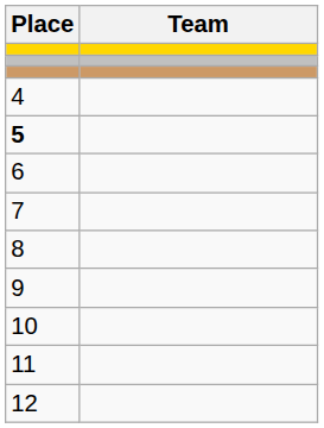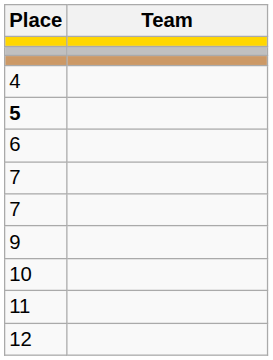 <table class="wikitable">
 <tr>
 <th width=30>Place</th>
 <th width=150>Team</th>
 </tr>
 <tr bgcolor=gold>
 <td></td>
 <td></td>
 </tr>
 <tr bgcolor=silver>
 <td></td>
 <td></td>
 </tr>
 <tr bgcolor=cc9966>
 <td></td>
 <td></td>
 </tr>
 <tr>
 <td>4</td>
 <td></td>
 </tr>
 <tr>
 <td><strong>5</strong></td>
 <td></td>
 </tr>
 <tr>
 <td>6</td>
 <td></td>
 </tr>
 <tr>
 <td>7</td>
 <td></td>
 </tr>
 <tr>
-<td>8</td>
+<td>7</td>
 <td></td>
 </tr>
 <tr>
 <td>9</td>
 <td></td>
 </tr>
 <tr>
 <td>10</td>
 <td></td>
 </tr>
 <tr>
 <td>11</td>
 <td></td>
 </tr>
 <tr>
 <td>12</td>
 <td></td>
 </tr>
 </table>
